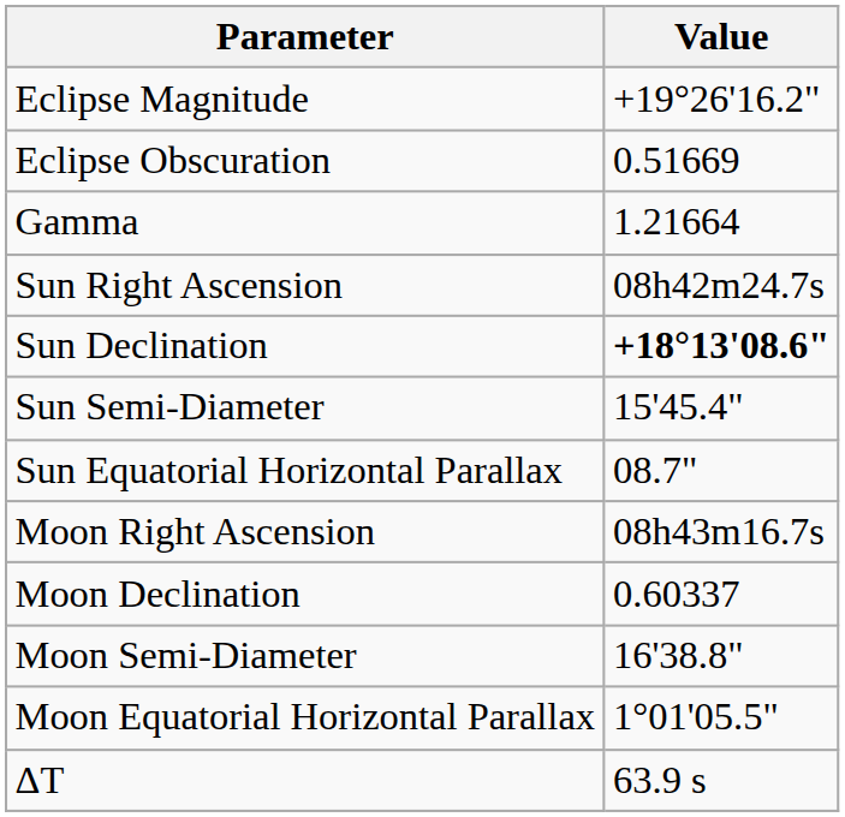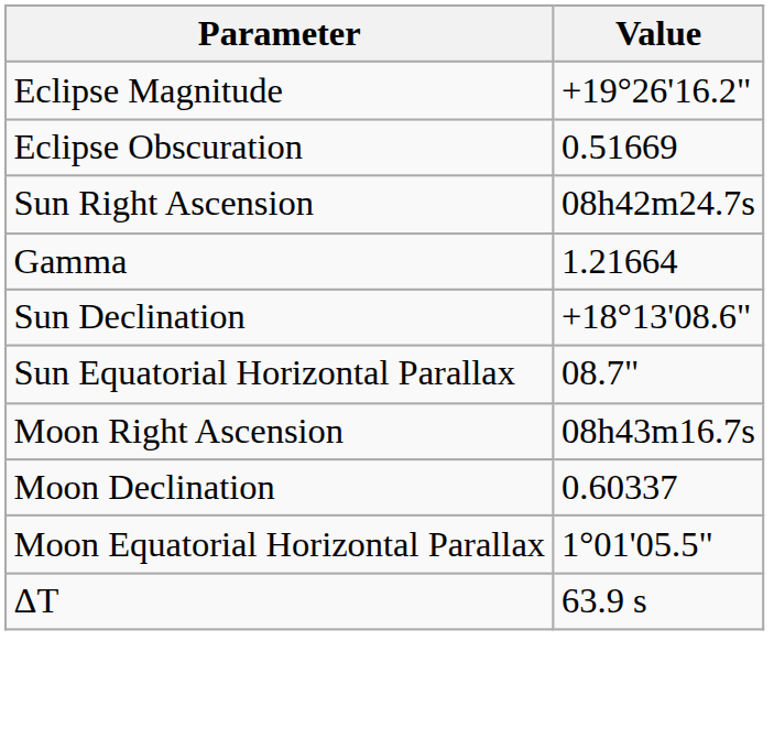 <table class="wikitable">
 <tr>
 <th>Parameter</th>
 <th>Value</th>
 </tr>
 <tr>
 <td>Eclipse Magnitude</td>
 <td>+19°26'16.2"</td>
 </tr>
 <tr>
 <td>Eclipse Obscuration</td>
 <td>0.51669</td>
 </tr>
 <tr>
+<td>Sun Right Ascension</td>
+<td>08h42m24.7s</td>
+</tr>
+<tr>
 <td>Gamma</td>
 <td>1.21664</td>
 </tr>
 <tr>
-<td>Sun Right Ascension</td>
-<td>08h42m24.7s</td>
-</tr>
-<tr>
 <td>Sun Declination</td>
-<td><strong>+18°13'08.6"</strong></td>
-</tr>
-<tr>
-<td>Sun Semi-Diameter</td>
-<td>15'45.4"</td>
+<td>+18°13'08.6"</td>
 </tr>
 <tr>
 <td>Sun Equatorial Horizontal Parallax</td>
 <td>08.7"</td>
 </tr>
 <tr>
 <td>Moon Right Ascension</td>
 <td>08h43m16.7s</td>
 </tr>
 <tr>
 <td>Moon Declination</td>
 <td>0.60337</td>
 </tr>
 <tr>
-<td>Moon Semi-Diameter</td>
-<td>16'38.8"</td>
-</tr>
-<tr>
 <td>Moon Equatorial Horizontal Parallax</td>
 <td>1°01'05.5"</td>
 </tr>
 <tr>
 <td>ΔT</td>
 <td>63.9 s</td>
 </tr>
 </table>
